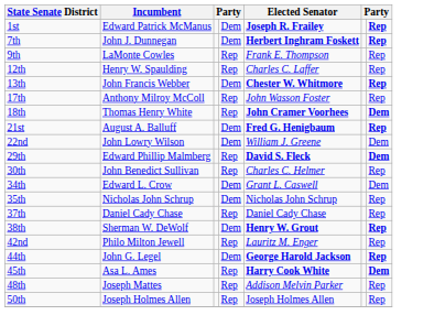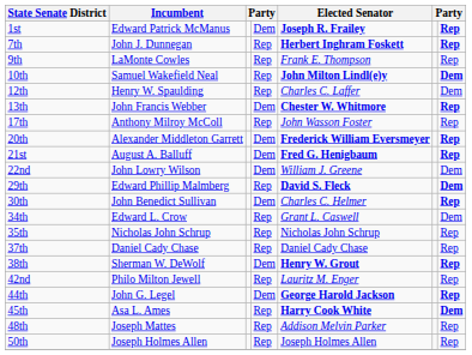 <table class="sortable wikitable" style="font-size:95%;line-height:14px;">
 <tr>
 <th class="sortable"><a href='#'>State Senate</a> District</th>
 <th class="unsortable"><a href='#'>Incumbent</a></th>
 <th colspan="2">Party</th>
 <th class="unsortable">Elected Senator</th>
 <th colspan="2">Party</th>
 </tr>
 <tr>
 <td><a href='#'>1st</a></td>
 <td><a href='#'>Edward Patrick McManus</a></td>
 <td style="background:"></td>
 <td><a href='#'>Dem</a></td>
 <td><strong><a href='#'>Joseph R. Frailey</a></strong></td>
 <td style="background:"></td>
 <td><strong><a href='#'>Rep</a></strong></td>
 </tr>
 <tr>
 <td><a href='#'>7th</a></td>
 <td><a href='#'>John J. Dunnegan</a></td>
 <td style="background:"></td>
-<td><a href='#'>Dem</a></td>
+<td><a href='#'>Rep</a></td>
 <td><strong><a href='#'>Herbert Inghram Foskett</a></strong></td>
 <td style="background:"></td>
 <td><strong><a href='#'>Rep</a></strong></td>
 </tr>
 <tr>
 <td><a href='#'>9th</a></td>
 <td><a href='#'>LaMonte Cowles</a></td>
 <td style="background:"></td>
 <td><a href='#'>Rep</a></td>
 <td><em><a href='#'>Frank E. Thompson</a></em></td>
 <td style="background:"></td>
 <td><a href='#'>Rep</a></td>
 </tr>
 <tr>
+<td><a href='#'>10th</a></td>
+<td><a href='#'>Samuel Wakefield Neal</a></td>
+<td style="background:"></td>
+<td><a href='#'>Rep</a></td>
+<td><strong><a href='#'>John Milton Lindl(e)y</a></strong></td>
+<td style="background:"></td>
+<td><strong><a href='#'>Dem</a></strong></td>
+</tr>
+<tr>
 <td><a href='#'>12th</a></td>
 <td><a href='#'>Henry W. Spaulding</a></td>
 <td style="background:"></td>
 <td><a href='#'>Rep</a></td>
 <td><em><a href='#'>Charles C. Laffer</a></em></td>
 <td style="background:"></td>
-<td><a href='#'>Rep</a></td>
+<td><a href='#'>Dem</a></td>
 </tr>
 <tr>
 <td><a href='#'>13th</a></td>
 <td><a href='#'>John Francis Webber</a></td>
 <td style="background:"></td>
 <td><a href='#'>Dem</a></td>
 <td><strong><a href='#'>Chester W. Whitmore</a></strong></td>
 <td style="background:"></td>
 <td><strong><a href='#'>Rep</a></strong></td>
 </tr>
 <tr>
 <td><a href='#'>17th</a></td>
 <td><a href='#'>Anthony Milroy McColl</a></td>
 <td style="background:"></td>
 <td><a href='#'>Rep</a></td>
 <td><em><a href='#'>John Wasson Foster</a></em></td>
 <td style="background:"></td>
 <td><a href='#'>Rep</a></td>
 </tr>
 <tr>
-<td><a href='#'>18th</a></td>
-<td><a href='#'>Thomas Henry White</a></td>
+<td><a href='#'>20th</a></td>
+<td><a href='#'>Alexander Middleton Garrett</a></td>
 <td style="background:"></td>
-<td><a href='#'>Rep</a></td>
-<td><strong><a href='#'>John Cramer Voorhees</a></strong></td>
+<td><a href='#'>Dem</a></td>
+<td><strong><a href='#'>Frederick William Eversmeyer</a></strong></td>
 <td style="background:"></td>
-<td><strong><a href='#'>Dem</a></strong></td>
+<td><strong><a href='#'>Rep</a></strong></td>
 </tr>
 <tr>
 <td><a href='#'>21st</a></td>
 <td><a href='#'>August A. Balluff</a></td>
 <td style="background:"></td>
 <td><a href='#'>Dem</a></td>
 <td><strong><a href='#'>Fred G. Henigbaum</a></strong></td>
 <td style="background:"></td>
 <td><strong><a href='#'>Rep</a></strong></td>
 </tr>
 <tr>
 <td><a href='#'>22nd</a></td>
 <td><a href='#'>John Lowry Wilson</a></td>
 <td style="background:"></td>
 <td><a href='#'>Dem</a></td>
 <td><em><a href='#'>William J. Greene</a></em></td>
 <td style="background:"></td>
 <td><a href='#'>Dem</a></td>
 </tr>
 <tr>
 <td><a href='#'>29th</a></td>
 <td><a href='#'>Edward Phillip Malmberg</a></td>
 <td style="background:"></td>
 <td><a href='#'>Rep</a></td>
 <td><strong><a href='#'>David S. Fleck</a></strong></td>
 <td style="background:"></td>
 <td><strong><a href='#'>Dem</a></strong></td>
 </tr>
 <tr>
 <td><a href='#'>30th</a></td>
 <td><a href='#'>John Benedict Sullivan</a></td>
 <td style="background:"></td>
-<td><a href='#'>Rep</a></td>
+<td><a href='#'>Dem</a></td>
 <td><em><a href='#'>Charles C. Helmer</a></em></td>
 <td style="background:"></td>
-<td><a href='#'>Rep</a></td>
+<td><strong><a href='#'>Rep</a></strong></td>
 </tr>
 <tr>
 <td><a href='#'>34th</a></td>
 <td><a href='#'>Edward L. Crow</a></td>
 <td style="background:"></td>
-<td><a href='#'>Dem</a></td>
+<td><a href='#'>Rep</a></td>
 <td><em><a href='#'>Grant L. Caswell</a></em></td>
 <td style="background:"></td>
 <td><a href='#'>Dem</a></td>
 </tr>
 <tr>
 <td><a href='#'>35th</a></td>
 <td><a href='#'>Nicholas John Schrup</a></td>
 <td style="background:"></td>
-<td><a href='#'>Dem</a></td>
+<td><a href='#'>Rep</a></td>
 <td><a href='#'>Nicholas John Schrup</a></td>
 <td style="background:"></td>
 <td><a href='#'>Rep</a></td>
 </tr>
 <tr>
 <td><a href='#'>37th</a></td>
 <td><a href='#'>Daniel Cady Chase</a></td>
 <td style="background:"></td>
 <td><a href='#'>Rep</a></td>
 <td><a href='#'>Daniel Cady Chase</a></td>
 <td style="background:"></td>
 <td><a href='#'>Rep</a></td>
 </tr>
 <tr>
 <td><a href='#'>38th</a></td>
 <td><a href='#'>Sherman W. DeWolf</a></td>
 <td style="background:"></td>
 <td><a href='#'>Dem</a></td>
 <td><strong><a href='#'>Henry W. Grout</a></strong></td>
 <td style="background:"></td>
 <td><strong><a href='#'>Rep</a></strong></td>
 </tr>
 <tr>
 <td><a href='#'>42nd</a></td>
 <td><a href='#'>Philo Milton Jewell</a></td>
 <td style="background:"></td>
 <td><a href='#'>Rep</a></td>
 <td><em><a href='#'>Lauritz M. Enger</a></em></td>
 <td style="background:"></td>
 <td><a href='#'>Rep</a></td>
 </tr>
 <tr>
 <td><a href='#'>44th</a></td>
 <td><a href='#'>John G. Legel</a></td>
 <td style="background:"></td>
 <td><a href='#'>Dem</a></td>
 <td><strong><a href='#'>George Harold Jackson</a></strong></td>
 <td style="background:"></td>
 <td><strong><a href='#'>Rep</a></strong></td>
 </tr>
 <tr>
 <td><a href='#'>45th</a></td>
 <td><a href='#'>Asa L. Ames</a></td>
 <td style="background:"></td>
 <td><a href='#'>Rep</a></td>
 <td><strong><a href='#'>Harry Cook White</a></strong></td>
 <td style="background:"></td>
 <td><strong><a href='#'>Dem</a></strong></td>
 </tr>
 <tr>
 <td><a href='#'>48th</a></td>
 <td><a href='#'>Joseph Mattes</a></td>
 <td style="background:"></td>
 <td><a href='#'>Rep</a></td>
 <td><em><a href='#'>Addison Melvin Parker</a></em></td>
 <td style="background:"></td>
 <td><a href='#'>Rep</a></td>
 </tr>
 <tr>
 <td><a href='#'>50th</a></td>
 <td><a href='#'>Joseph Holmes Allen</a></td>
 <td style="background:"></td>
 <td><a href='#'>Rep</a></td>
 <td><a href='#'>Joseph Holmes Allen</a></td>
 <td style="background:"></td>
 <td><a href='#'>Rep</a></td>
 </tr>
 <tr>
 </tr>
 </table>
